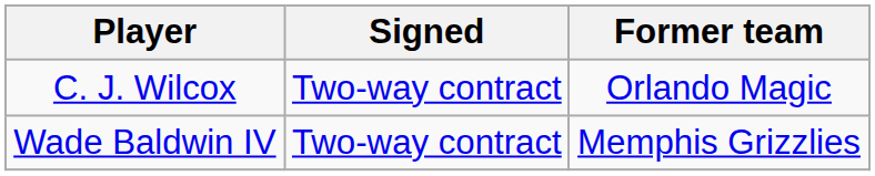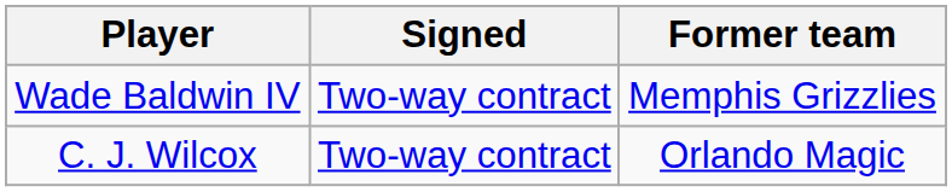 <table class="wikitable sortable sortable" style="text-align: center">
 <tr>
 <th>Player</th>
 <th>Signed</th>
 <th>Former team</th>
 </tr>
 <tr style="text-align: center">
+<td><a href='#'>Wade Baldwin IV</a></td>
+<td><a href='#'>Two-way contract</a></td>
+<td><a href='#'>Memphis Grizzlies</a></td>
+</tr>
+<tr style="text-align: center">
 <td><a href='#'>C. J. Wilcox</a></td>
 <td><a href='#'>Two-way contract</a></td>
 <td><a href='#'>Orlando Magic</a></td>
 </tr>
-<tr style="text-align: center">
-<td><a href='#'>Wade Baldwin IV</a></td>
-<td><a href='#'>Two-way contract</a></td>
-<td><a href='#'>Memphis Grizzlies</a></td>
-</tr>
 </table>
